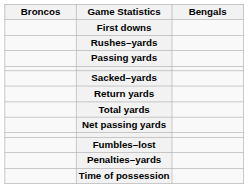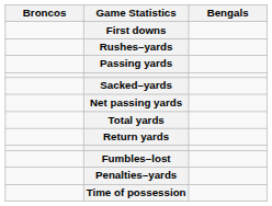 <table class="wikitable" style="margin: 1em auto 1em auto">
 <tr>
 <th style="width:30%;">Broncos</th>
 <th style="width:40%;">Game Statistics</th>
 <th style="width:30%;">Bengals</th>
 </tr>
 <tr>
 <td style="text-align:right;"></td>
 <th>First downs</th>
 <td></td>
 </tr>
 <tr>
 <td style="text-align:right;"></td>
 <th>Rushes–yards</th>
 <td></td>
 </tr>
 <tr>
 <td style="text-align:right;"></td>
 <th>Passing yards</th>
 <td></td>
 </tr>
 <tr>
 <td style="text-align:right;"></td>
 <th></th>
 <td></td>
 </tr>
 <tr>
 <td style="text-align:right;"></td>
 <th>Sacked–yards</th>
 <td></td>
 </tr>
 <tr>
 <td style="text-align:right;"></td>
-<th>Return yards</th>
+<th>Net passing yards</th>
 <td></td>
 </tr>
 <tr>
 <td style="text-align:right;"></td>
 <th>Total yards</th>
 <td></td>
 </tr>
 <tr>
 <td style="text-align:right;"></td>
-<th>Net passing yards</th>
+<th>Return yards</th>
 <td></td>
 </tr>
 <tr>
 <td style="text-align:right;"></td>
 <th></th>
 <td></td>
 </tr>
 <tr>
 <td style="text-align:right;"></td>
 <th>Fumbles–lost</th>
 <td></td>
 </tr>
 <tr>
 <td style="text-align:right;"></td>
 <th>Penalties–yards</th>
 <td></td>
 </tr>
 <tr>
 <td style="text-align:right;"></td>
 <th>Time of possession</th>
 <td></td>
 </tr>
 </table>
